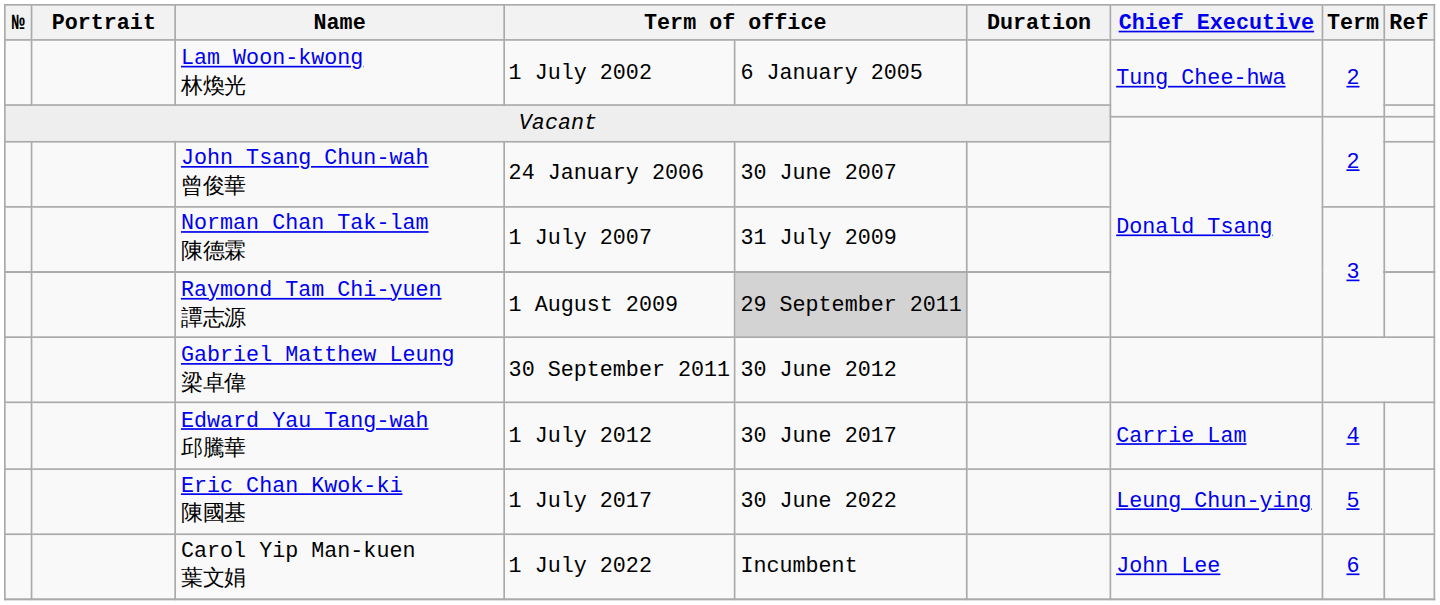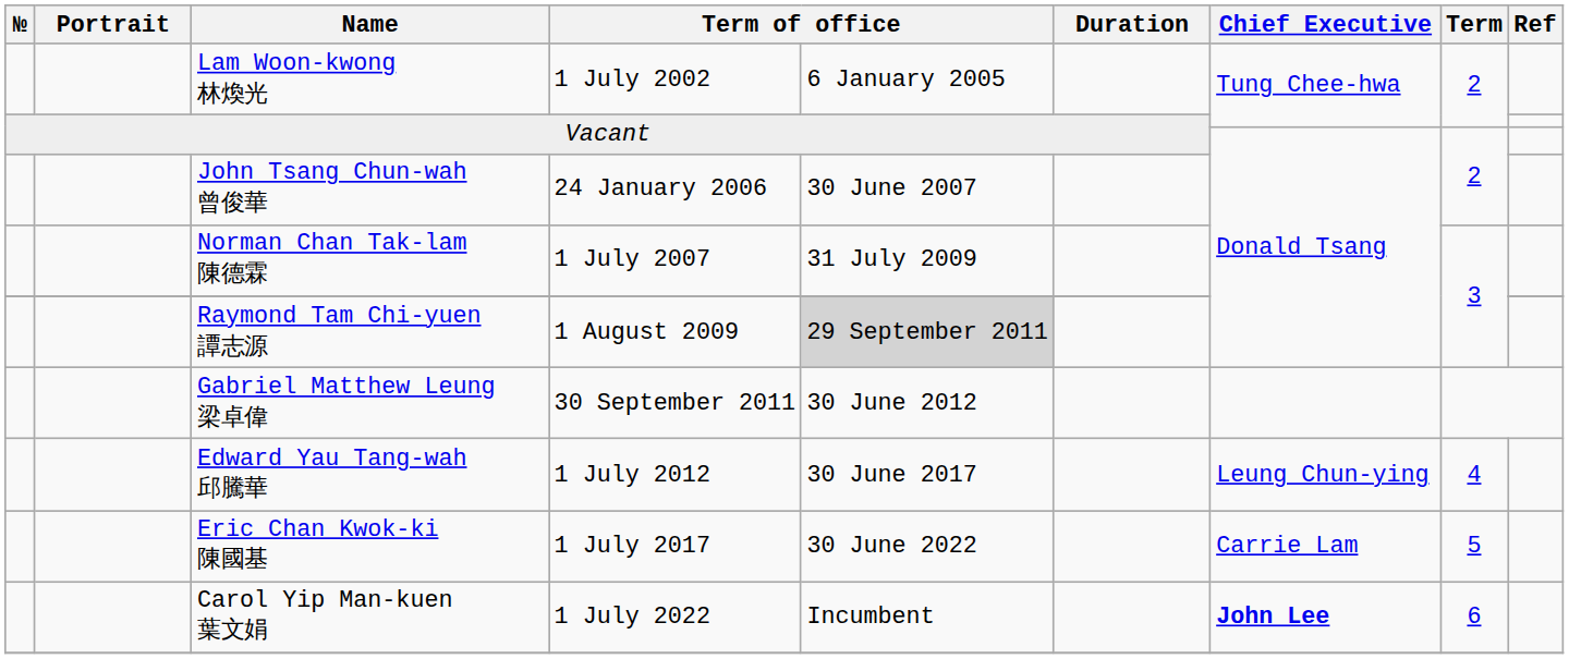 <table class="wikitable"  style="text-align:left">
 <tr>
 <th width=10px>№</th>
 <th width=80px>Portrait</th>
 <th width=190px>Name</th>
 <th width=180px colspan=2>Term of office</th>
 <th width=80px>Duration</th>
 <th width=120px><a href='#'>Chief Executive</a></th>
 <th>Term</th>
 <th>Ref</th>
 </tr>
 <tr>
 <td style="background:"><strong></strong></td>
 <td></td>
 <td><a href='#'>Lam Woon-kwong</a><br>林煥光</td>
 <td>1 July 2002</td>
 <td>6 January 2005</td>
 <td></td>
 <td rowspan=2><a href='#'>Tung Chee-hwa</a><br></td>
 <td rowspan=2 align=center><a href='#'>2</a></td>
 <td></td>
 </tr>
 <tr>
 <td rowspan=2 colspan=6 bgcolor=#EEEEEE align=center><em>Vacant</em></td>
 <td></td>
 </tr>
 <tr>
 <td rowspan=5><a href='#'>Donald Tsang</a><br></td>
 <td align=center rowspan=2><a href='#'>2</a></td>
 <td></td>
 </tr>
 <tr>
 <td style="background:"><strong></strong></td>
 <td></td>
 <td><a href='#'>John Tsang Chun-wah</a><br>曾俊華</td>
 <td>24 January 2006</td>
 <td>30 June 2007</td>
 <td></td>
 <td></td>
 </tr>
 <tr>
 <td style="background:"><strong></strong></td>
 <td></td>
 <td><a href='#'>Norman Chan Tak-lam</a><br>陳德霖</td>
 <td>1 July 2007</td>
 <td>31 July 2009</td>
 <td></td>
 <td align=center rowspan=3><a href='#'>3</a></td>
 <td></td>
 </tr>
 <tr>
 </tr>
 <tr>
 <td style="background:"><strong></strong></td>
 <td></td>
 <td><a href='#'>Raymond Tam Chi-yuen</a><br>譚志源</td>
 <td>1 August 2009</td>
 <td style="background: lightgrey;">29 September 2011</td>
 <td></td>
 <td></td>
 </tr>
 <tr>
 <td style="background:"><strong></strong></td>
 <td></td>
 <td><a href='#'>Gabriel Matthew Leung</a><br>梁卓偉</td>
 <td>30 September 2011</td>
 <td>30 June 2012</td>
 <td></td>
 <td></td>
 </tr>
 <tr>
 <td style="background:"><strong></strong></td>
 <td></td>
 <td><a href='#'>Edward Yau Tang-wah</a><br>邱騰華</td>
 <td>1 July 2012</td>
 <td>30 June 2017</td>
 <td></td>
-<td><a href='#'>Carrie Lam</a><br></td>
+<td><a href='#'>Leung Chun-ying</a><br></td>
 <td align=center><a href='#'>4</a></td>
 <td></td>
 </tr>
 <tr>
 <td style="background:"><strong></strong></td>
 <td></td>
 <td><a href='#'>Eric Chan Kwok-ki</a><br>陳國基</td>
 <td>1 July 2017</td>
 <td>30 June 2022</td>
 <td></td>
-<td><a href='#'>Leung Chun-ying</a><br></td>
+<td><a href='#'>Carrie Lam</a><br></td>
 <td align=center><a href='#'>5</a></td>
 <td></td>
 </tr>
 <tr>
 <td style="background:"><strong></strong></td>
 <td></td>
 <td>Carol Yip Man-kuen<br>葉文娟</td>
 <td>1 July 2022</td>
 <td>Incumbent</td>
 <td></td>
-<td><a href='#'>John Lee</a><br></td>
+<td><strong><a href='#'>John Lee</a><br></strong></td>
 <td align=center><a href='#'>6</a></td>
 <td></td>
 </tr>
 <tr>
 </tr>
 </table>
